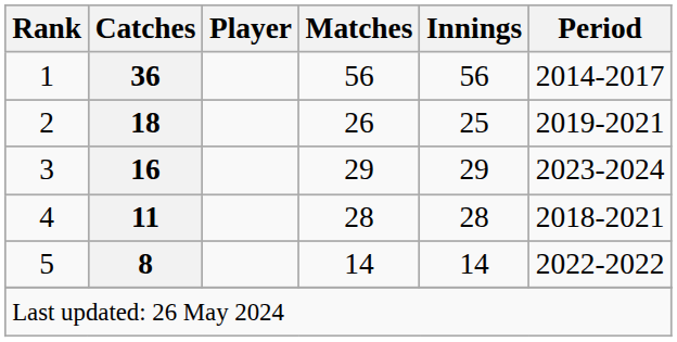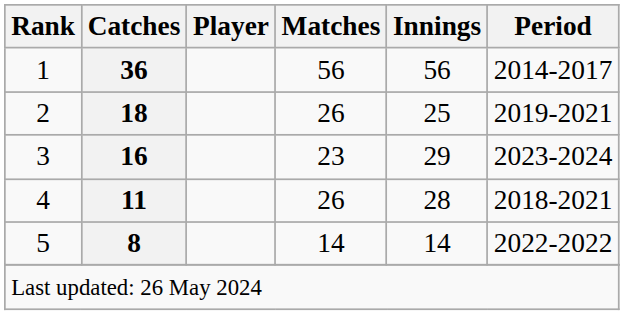 <table class="wikitable">
 <tr>
 <th style="text-align:center;">Rank</th>
 <th style="text-align:center;">Catches</th>
 <th style="text-align:center;">Player</th>
 <th style="text-align:center;">Matches</th>
 <th style="text-align:center;">Innings</th>
 <th style="text-align:center;">Period</th>
 </tr>
 <tr>
 <td align=center>1</td>
 <th scope=row style=text-align:center;>36</th>
 <td></td>
 <td align=center>56</td>
 <td align=center>56</td>
 <td>2014-2017</td>
 </tr>
 <tr>
 <td align=center>2</td>
 <th scope=row style=text-align:center;>18</th>
 <td></td>
 <td align=center>26</td>
 <td align=center>25</td>
 <td>2019-2021</td>
 </tr>
 <tr>
 <td align=center>3</td>
 <th scope=row style=text-align:center;>16</th>
 <td></td>
-<td align=center>29</td>
+<td align=center>23</td>
 <td align=center>29</td>
 <td>2023-2024</td>
 </tr>
 <tr>
 <td align=center>4</td>
 <th scope=row style=text-align:center;>11</th>
 <td></td>
-<td align=center>28</td>
+<td align=center>26</td>
 <td align=center>28</td>
 <td>2018-2021</td>
 </tr>
 <tr>
 <td align=center>5</td>
 <th scope=row style=text-align:center;>8</th>
 <td></td>
 <td align=center>14</td>
 <td align=center>14</td>
 <td>2022-2022</td>
 </tr>
 <tr>
 </tr>
 <tr class=sortbottom>
 <td colspan=6><small>Last updated: 26 May 2024</small></td>
 </tr>
 </table>
